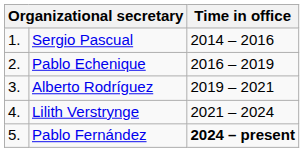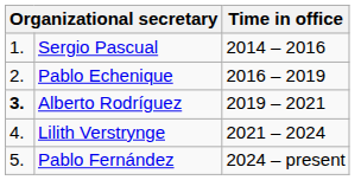 <table class="wikitable">
 <tr>
 <th colspan="2">Organizational secretary</th>
 <th>Time in office</th>
 </tr>
 <tr>
 <td>1.</td>
 <td><a href='#'>Sergio Pascual</a></td>
 <td>2014 – 2016</td>
 </tr>
 <tr>
 <td>2.</td>
 <td><a href='#'>Pablo Echenique</a></td>
 <td>2016 – 2019</td>
 </tr>
 <tr>
-<td>3.</td>
+<td><strong>3.</strong></td>
 <td><a href='#'>Alberto Rodríguez</a></td>
 <td>2019 – 2021</td>
 </tr>
 <tr>
 <td>4.</td>
 <td><a href='#'>Lilith Verstrynge</a></td>
 <td>2021 – 2024</td>
 </tr>
 <tr>
 <td>5.</td>
 <td><a href='#'>Pablo Fernández</a></td>
-<td><strong>2024 – present</strong></td>
+<td>2024 – present</td>
 </tr>
 </table>
